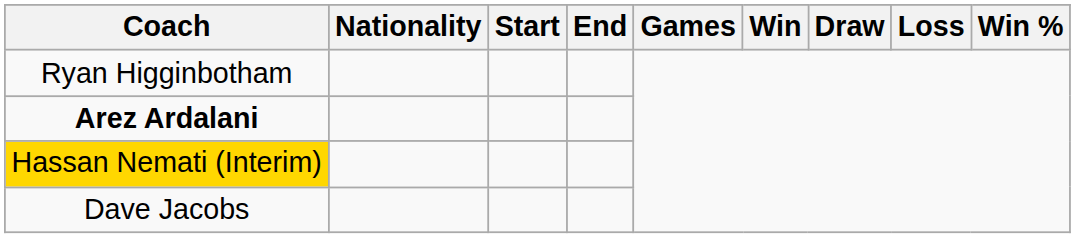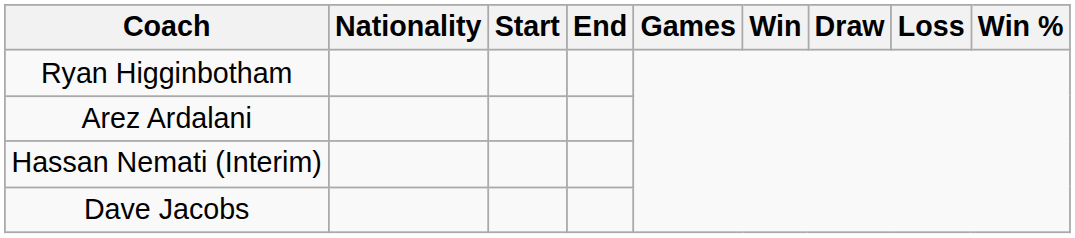 <table class="wikitable" style="text-align:center; margin-left: lem;">
 <tr>
 <th>Coach</th>
 <th>Nationality</th>
 <th>Start</th>
 <th>End</th>
 <th>Games</th>
 <th><strong>Win</strong></th>
 <th>Draw</th>
 <th>Loss</th>
 <th>Win %</th>
 </tr>
 <tr>
 <td>Ryan Higginbotham</td>
 <td></td>
 <td></td>
 <td><br></td>
 </tr>
 <tr>
-<td><strong>Arez Ardalani</strong></td>
+<td>Arez Ardalani</td>
 <td></td>
 <td></td>
 <td><br></td>
 </tr>
 <tr>
-<td style="background: gold;">Hassan Nemati (Interim)</td>
+<td>Hassan Nemati (Interim)</td>
 <td></td>
 <td></td>
 <td><br></td>
 </tr>
 <tr>
 <td>Dave Jacobs</td>
 <td></td>
 <td></td>
 <td><br></td>
 </tr>
 </table>
